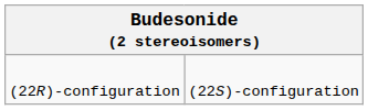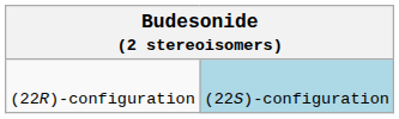 <table class="wikitable" style="text-align:center">
 <tr class="hintergrundfarbe6">
 <th colspan="2">Budesonide<br><small>(2 stereoisomers)</small></th>
 </tr>
 <tr>
 <td><br><small>(22<em>R</em>)-configuration</small></td>
-<td><br><small>(22<em>S</em>)-configuration</small></td>
+<td style="background: lightblue;"><br><small>(22<em>S</em>)-configuration</small></td>
 </tr>
 </table>
